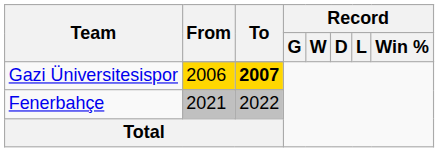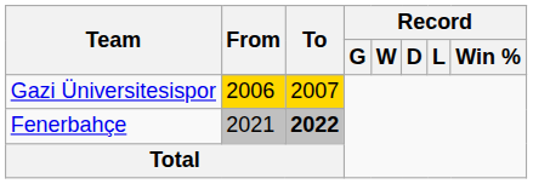 <table class="wikitable" style="text-align: center">
 <tr>
 <th rowspan="2">Team</th>
 <th rowspan="2">From</th>
 <th rowspan="2">To</th>
 <th colspan="5">Record</th>
 </tr>
 <tr>
 <th>G</th>
 <th>W</th>
 <th>D</th>
 <th>L</th>
 <th>Win %</th>
 </tr>
 <tr>
 <td rowspan=2 align=left><a href='#'>Gazi Üniversitesispor</a></td>
 </tr>
 <tr bgcolor=gold>
 <td align=left>2006</td>
-<td align=left><strong>2007 <br></strong></td>
+<td align=left>2007 <br></td>
 </tr>
 <tr>
 <td rowspan=2 align=left><a href='#'>Fenerbahçe</a></td>
 </tr>
 <tr bgcolor=silver>
 <td align=left>2021</td>
-<td align=left>2022 <br></td>
+<td align=left><strong>2022 <br></strong></td>
 </tr>
 <tr>
 <th colspan=3>Total<br></th>
 </tr>
 </table>
